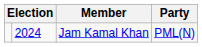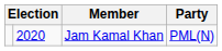 <table class="wikitable">
 <tr>
 <th colspan="2">Election</th>
 <th>Member</th>
 <th>Party</th>
 </tr>
 <tr>
 <td style="background-color: "></td>
-<td><a href='#'>2024</a></td>
+<td><a href='#'>2020</a></td>
 <td><a href='#'>Jam Kamal Khan</a></td>
 <td><a href='#'>PML(N)</a></td>
 </tr>
 </table>
